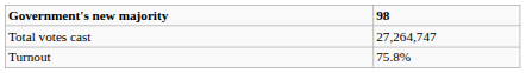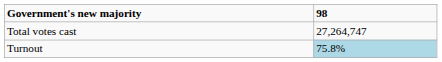 <table class="wikitable" style="width:70%">
 <tr>
 <td><strong>Government's new majority</strong></td>
 <td><strong>98</strong></td>
 </tr>
 <tr>
 <td>Total votes cast</td>
 <td>27,264,747</td>
 </tr>
 <tr>
 <td>Turnout</td>
-<td>75.8%</td>
+<td style="background: lightblue;">75.8%</td>
 </tr>
 </table>
